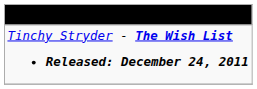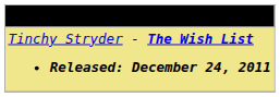 <table class="wikitable">
 <tr>
 <th style="background:#000000;" align="center"><span>Information</span></th>
 </tr>
 <tr>
-<td align="left"><em><a href='#'>Tinchy Stryder</a> - <strong><a href='#'>The Wish List</a><strong><em><br><ul><li>Released: December 24, 2011</li></ul></td>
+<td align="left" style="background: khaki;"><em><a href='#'>Tinchy Stryder</a> - <strong><a href='#'>The Wish List</a><strong><em><br><ul><li>Released: December 24, 2011</li></ul></td>
 </tr>
 <tr>
 </tr>
 </table>
